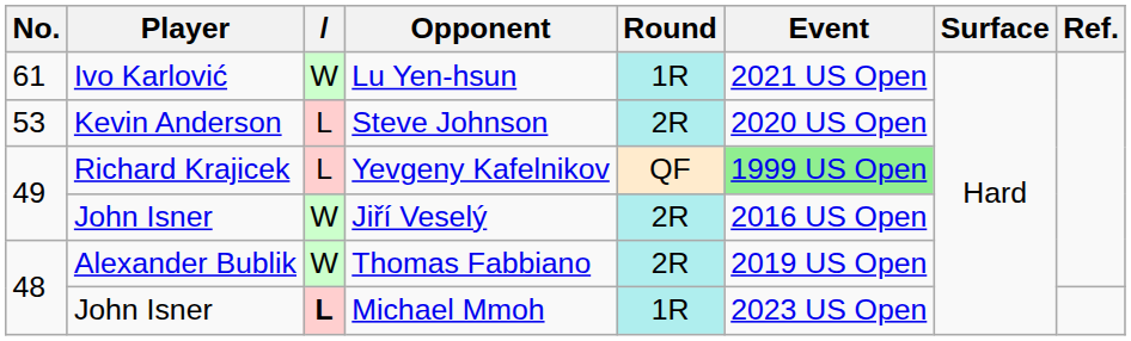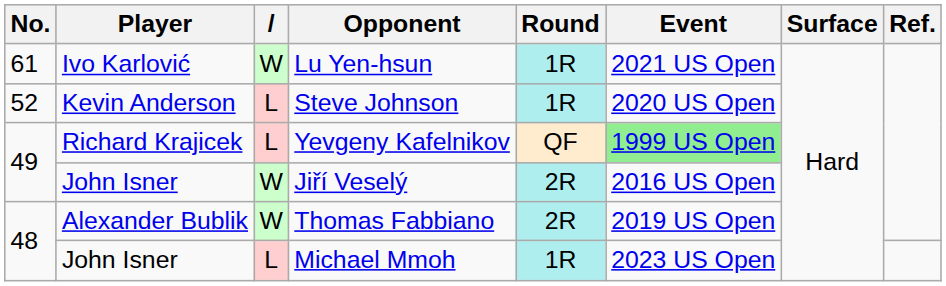 <table class="sortable wikitable">
 <tr style="background:#efefef;">
 <th scope="col">No.</th>
 <th scope="col">Player</th>
 <th scope="col">/</th>
 <th scope="col">Opponent</th>
 <th scope="col">Round</th>
 <th scope="col">Event</th>
 <th scope="col">Surface</th>
 <th scope="col" class="unsortable">Ref.</th>
 </tr>
 <tr>
 <td>61</td>
 <td> <a href='#'>Ivo Karlović</a></td>
 <td style="text-align:center;" bgcolor="#CCFFCC">W</td>
 <td> <a href='#'>Lu Yen-hsun</a></td>
 <td bgcolor="#afeeee" style="text-align:center;">1R</td>
 <td><a href='#'>2021 US Open</a></td>
 <td rowspan="6" style="text-align:center">Hard</td>
 <td rowspan="5"></td>
 </tr>
 <tr>
-<td>53</td>
+<td>52</td>
 <td> <a href='#'>Kevin Anderson</a></td>
 <td style="text-align:center;" bgcolor="#FFCFCF">L</td>
 <td> <a href='#'>Steve Johnson</a></td>
-<td bgcolor="#afeeee" style="text-align:center;">2R</td>
+<td bgcolor="#afeeee" style="text-align:center;">1R</td>
 <td><a href='#'>2020 US Open</a></td>
 </tr>
 <tr>
 <td rowspan="2">49</td>
 <td> <a href='#'>Richard Krajicek</a></td>
 <td style="text-align:center;" bgcolor="#FFCFCF">L</td>
 <td> <a href='#'>Yevgeny Kafelnikov</a></td>
 <td bgcolor="#ffebcd" style="text-align:center;">QF</td>
 <td style="background: lightgreen;"><a href='#'>1999 US Open</a></td>
 </tr>
 <tr>
 <td> <a href='#'>John Isner</a></td>
 <td style="text-align:center;" bgcolor="#CCFFCC">W</td>
 <td> <a href='#'>Jiří Veselý</a></td>
 <td bgcolor="#afeeee" style="text-align:center;">2R</td>
 <td><a href='#'>2016 US Open</a></td>
 </tr>
 <tr>
 <td rowspan="2">48</td>
 <td> <a href='#'>Alexander Bublik</a></td>
 <td style="text-align:center;" bgcolor="#CCFFCC">W</td>
 <td> <a href='#'>Thomas Fabbiano</a></td>
 <td bgcolor="#afeeee" style="text-align:center;">2R</td>
 <td><a href='#'>2019 US Open</a></td>
 </tr>
 <tr>
 <td> John Isner</td>
-<td style="text-align:center;" bgcolor="#FFCFCF"><strong>L</strong></td>
+<td style="text-align:center;" bgcolor="#FFCFCF">L</td>
 <td> <a href='#'>Michael Mmoh</a></td>
 <td bgcolor="#afeeee" style="text-align:center;">1R</td>
 <td><a href='#'>2023 US Open</a></td>
 <td></td>
 </tr>
 </table>
